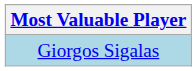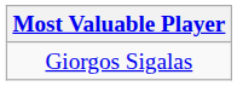 <table class=wikitable style="text-align:center; margin:auto">
 <tr>
 <th><a href='#'>Most Valuable Player</a></th>
 </tr>
 <tr>
-<td style="background: lightblue;"> <a href='#'>Giorgos Sigalas</a></td>
+<td> <a href='#'>Giorgos Sigalas</a></td>
 </tr>
 </table>
